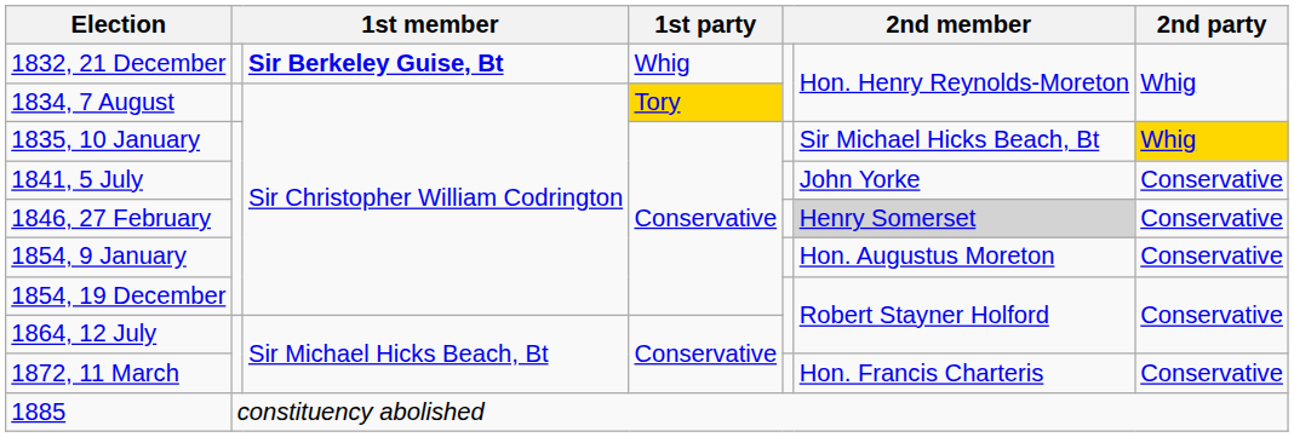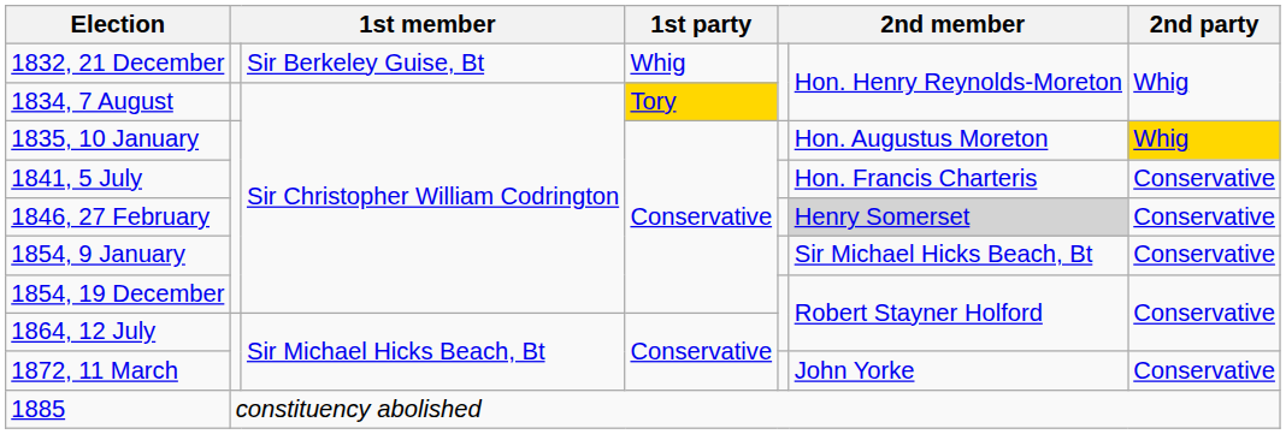 <table class="wikitable">
 <tr>
 <th>Election</th>
 <th colspan="2">1st member</th>
 <th>1st party</th>
 <th colspan="2">2nd member</th>
 <th>2nd party</th>
 </tr>
 <tr>
 <td><a href='#'>1832, 21 December</a></td>
 <td style="color:inherit;background-color: "></td>
-<td><strong><a href='#'>Sir Berkeley Guise, Bt</a></strong></td>
+<td><a href='#'>Sir Berkeley Guise, Bt</a></td>
 <td><a href='#'>Whig</a></td>
 <td rowspan="2" style="color:inherit;background-color: "></td>
 <td rowspan="2"><a href='#'>Hon. Henry Reynolds-Moreton</a></td>
 <td rowspan="2"><a href='#'>Whig</a></td>
 </tr>
 <tr>
 <td><a href='#'>1834, 7 August</a></td>
 <td style="color:inherit;background-color: "></td>
 <td rowspan="6"><a href='#'>Sir Christopher William Codrington</a></td>
 <td style="background: gold;"><a href='#'>Tory</a></td>
 </tr>
 <tr>
 <td><a href='#'>1835, 10 January</a></td>
 <td rowspan="5" style="color:inherit;background-color: "></td>
 <td rowspan="5"><a href='#'>Conservative</a></td>
 <td style="color:inherit;background-color: "></td>
-<td><a href='#'>Sir Michael Hicks Beach, Bt</a></td>
+<td><a href='#'>Hon. Augustus Moreton</a></td>
 <td style="background: gold;"><a href='#'>Whig</a></td>
 </tr>
 <tr>
 <td><a href='#'>1841, 5 July</a></td>
 <td style="color:inherit;background-color: "></td>
-<td><a href='#'>John Yorke</a></td>
+<td><a href='#'>Hon. Francis Charteris</a></td>
 <td><a href='#'>Conservative</a></td>
 </tr>
 <tr>
 <td><a href='#'>1846, 27 February</a></td>
 <td style="color:inherit;background-color: "></td>
 <td style="background: lightgrey;"><a href='#'>Henry Somerset</a></td>
 <td><a href='#'>Conservative</a></td>
 </tr>
 <tr>
 <td><a href='#'>1854, 9 January</a></td>
 <td style="color:inherit;background-color: "></td>
-<td><a href='#'>Hon. Augustus Moreton</a></td>
+<td><a href='#'>Sir Michael Hicks Beach, Bt</a></td>
 <td><a href='#'>Conservative</a></td>
 </tr>
 <tr>
 <td><a href='#'>1854, 19 December</a></td>
 <td rowspan="2" style="color:inherit;background-color: "></td>
 <td rowspan="2"><a href='#'>Robert Stayner Holford</a></td>
 <td rowspan="2"><a href='#'>Conservative</a></td>
 </tr>
 <tr>
 <td><a href='#'>1864, 12 July</a></td>
 <td rowspan="2" style="color:inherit;background-color: "></td>
 <td rowspan="2"><a href='#'>Sir Michael Hicks Beach, Bt</a></td>
 <td rowspan="2"><a href='#'>Conservative</a></td>
 </tr>
 <tr>
 <td><a href='#'>1872, 11 March</a></td>
 <td style="color:inherit;background-color: "></td>
-<td><a href='#'>Hon. Francis Charteris</a></td>
+<td><a href='#'>John Yorke</a></td>
 <td><a href='#'>Conservative</a></td>
 </tr>
 <tr>
 <td><a href='#'>1885</a></td>
 <td colspan="6"><em>constituency abolished</em></td>
 </tr>
 </table>
